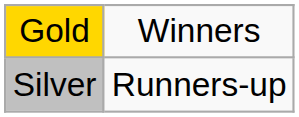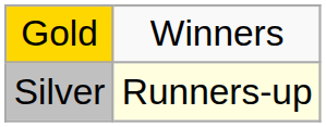 <table class="wikitable" style="text-align:center">
 <tr>
 <td style=background:gold>Gold</td>
 <td>Winners</td>
 </tr>
 <tr>
 <td style=background:silver>Silver</td>
-<td>Runners-up</td>
+<td style="background: lightyellow;">Runners-up</td>
 </tr>
 </table>
